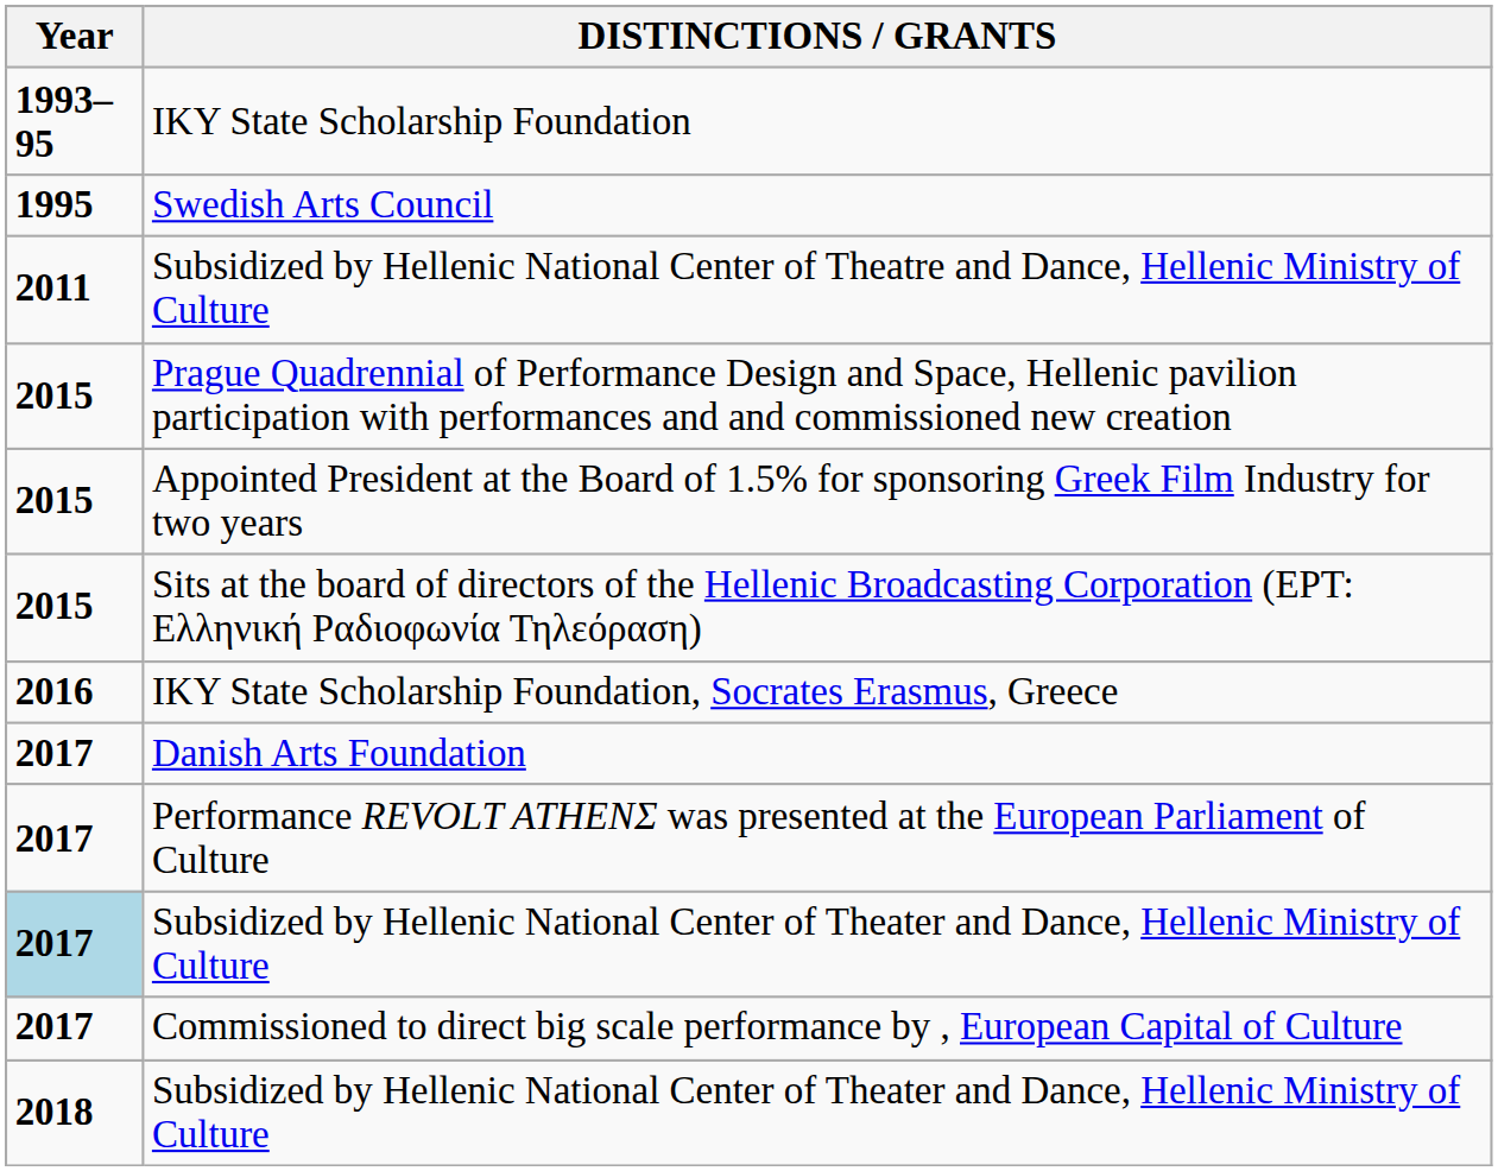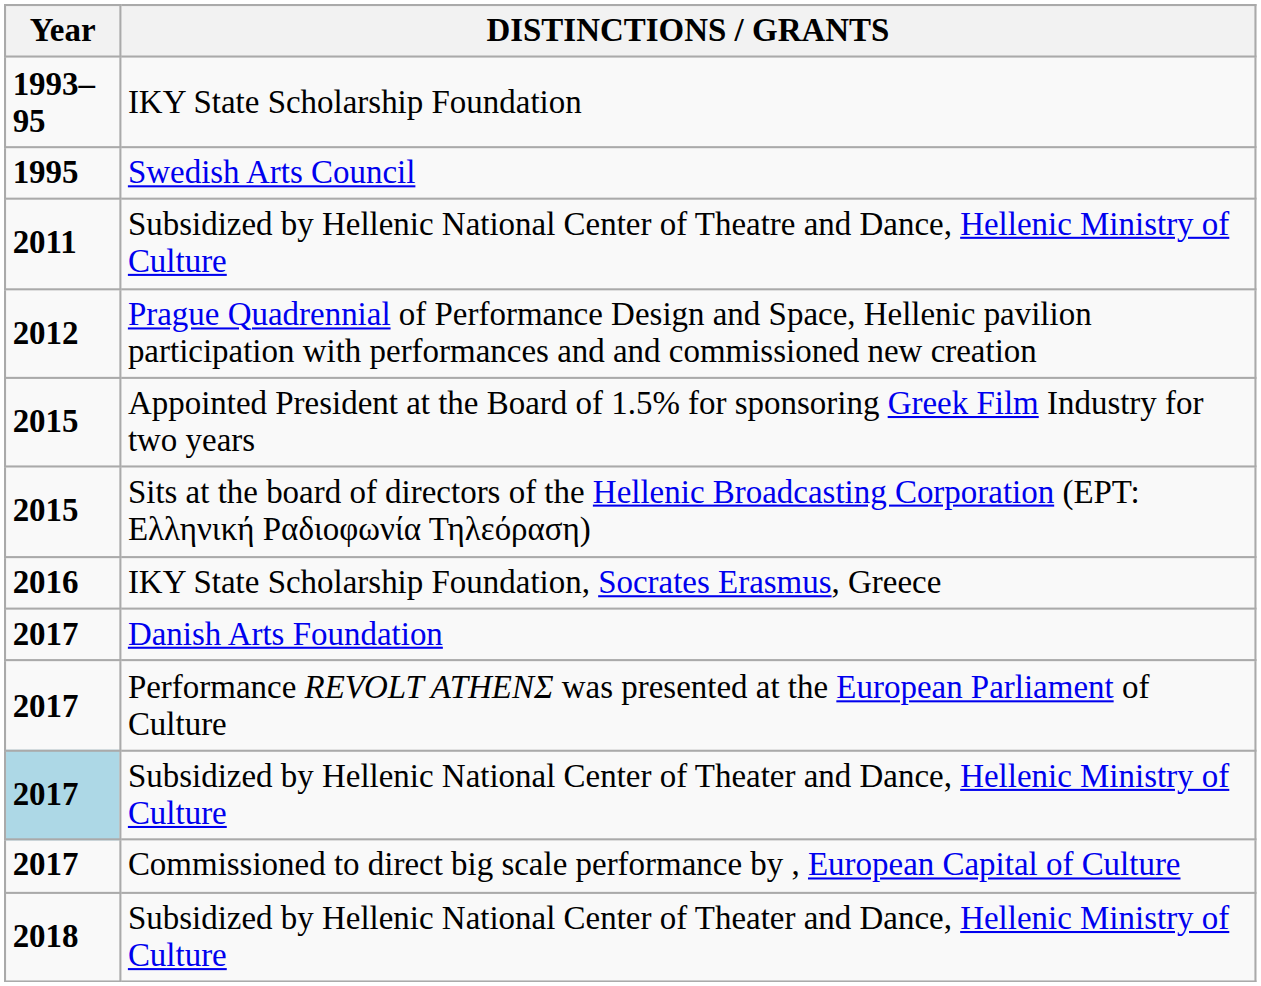 <table class="wikitable">
 <tr>
 <th>Year</th>
 <th>DISTINCTIONS / GRANTS</th>
 </tr>
 <tr>
 <td><strong>1993–95</strong></td>
 <td>IKY State Scholarship Foundation</td>
 </tr>
 <tr>
 <td><strong>1995</strong></td>
 <td><a href='#'>Swedish Arts Council</a></td>
 </tr>
 <tr>
 <td><strong>2011</strong></td>
 <td>Subsidized by Hellenic National Center of Theatre and Dance, <a href='#'>Hellenic Ministry of Culture</a></td>
 </tr>
 <tr>
-<td><strong>2015</strong></td>
+<td><strong>2012</strong></td>
 <td><a href='#'>Prague Quadrennial</a> of Performance Design and Space, Hellenic pavilion participation with performances <em></em> and <em></em> and commissioned new creation</td>
 </tr>
 <tr>
 <td><strong>2015</strong></td>
 <td>Appointed President at the Board of 1.5% for sponsoring <a href='#'>Greek Film</a> Industry for two years</td>
 </tr>
 <tr>
 <td><strong>2015</strong></td>
 <td>Sits at the board of directors of the <a href='#'>Hellenic Broadcasting Corporation</a> (ΕΡΤ: Ελληνική Ραδιοφωνία Τηλεόραση)</td>
 </tr>
 <tr>
 <td><strong>2016</strong></td>
 <td>IKY State Scholarship Foundation, <a href='#'>Socrates Erasmus</a>, Greece</td>
 </tr>
 <tr>
 <td><strong>2017</strong></td>
 <td><a href='#'>Danish Arts Foundation</a></td>
 </tr>
 <tr>
 <td><strong>2017</strong></td>
 <td>Performance <em>REVOLT ATHENΣ</em> was presented at the <a href='#'>European Parliament</a> of Culture</td>
 </tr>
 <tr>
 <td style="background: lightblue;"><strong>2017</strong></td>
 <td>Subsidized by Hellenic National Center of Theater and Dance, <a href='#'>Hellenic Ministry of Culture</a></td>
 </tr>
 <tr>
 <td><strong>2017</strong></td>
 <td>Commissioned to direct big scale performance by , <a href='#'>European Capital of Culture</a></td>
 </tr>
 <tr>
 <td><strong>2018</strong></td>
 <td>Subsidized by Hellenic National Center of Theater and Dance, <a href='#'>Hellenic Ministry of Culture</a></td>
 </tr>
 </table>
